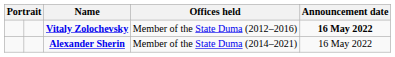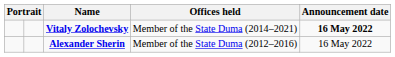 <table class="wikitable" style="text-align:center;">
 <tr>
 <th colspan=2>Portrait</th>
 <th>Name</th>
 <th>Offices held</th>
 <th>Announcement date</th>
 </tr>
 <tr>
 <td style="background-color:"></td>
 <td></td>
 <td><strong><a href='#'>Vitaly Zolochevsky</a></strong><br></td>
-<td>Member of the <a href='#'>State Duma</a> (2012–2016)</td>
+<td>Member of the <a href='#'>State Duma</a> (2014–2021)</td>
 <td><strong>16 May 2022</strong></td>
 </tr>
 <tr>
 <td style="background-color:"></td>
 <td></td>
 <td><strong><a href='#'>Alexander Sherin</a></strong><br></td>
-<td>Member of the <a href='#'>State Duma</a> (2014–2021)</td>
+<td>Member of the <a href='#'>State Duma</a> (2012–2016)</td>
 <td>16 May 2022</td>
 </tr>
 </table>
